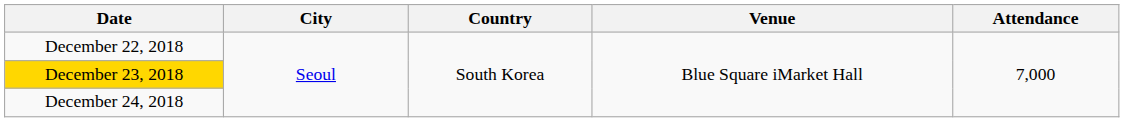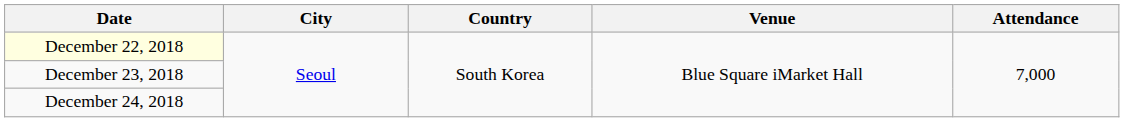 <table class="wikitable" style="text-align:center;">
 <tr>
 <th scope="col" style="width:12em">Date</th>
 <th scope="col" style="width:10em">City</th>
 <th scope="col" style="width:10em">Country</th>
 <th scope="col" style="width:20em">Venue</th>
 <th scope="col" style="width:9em">Attendance</th>
 </tr>
 <tr>
-<td>December 22, 2018</td>
+<td style="background: lightyellow;">December 22, 2018</td>
 <td rowspan=3><a href='#'>Seoul</a></td>
 <td rowspan=3>South Korea</td>
 <td rowspan=3>Blue Square iMarket Hall</td>
 <td rowspan=3>7,000</td>
 </tr>
 <tr>
-<td style="background: gold;">December 23, 2018</td>
+<td>December 23, 2018</td>
 </tr>
 <tr>
 <td>December 24, 2018</td>
 </tr>
 </table>
